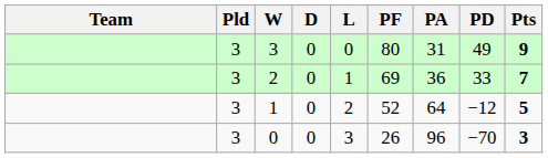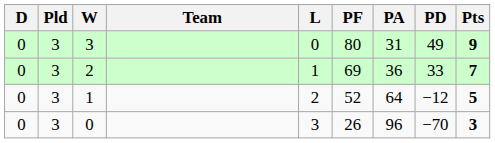 <table class="wikitable" style="text-align:center;">
 <tr>
-<th width=175>Team</th>
+<th width=25 abbr="Drawn">D</th>
 <th width=25 abbr="Played">Pld</th>
 <th width=25 abbr="Won">W</th>
-<th width=25 abbr="Drawn">D</th>
+<th width=175>Team</th>
 <th width=25 abbr="Lost">L</th>
 <th width=32 abbr="Points for">PF</th>
 <th width=32 abbr="Points against">PA</th>
 <th width=32 abbr="Points difference">PD</th>
 <th width=25 abbr="Points">Pts</th>
 </tr>
 <tr style="background:#cfc;">
-<td align=left></td>
+<td>0</td>
 <td>3</td>
 <td>3</td>
-<td>0</td>
+<td align=left></td>
 <td>0</td>
 <td>80</td>
 <td>31</td>
 <td>49</td>
 <td><strong>9</strong></td>
 </tr>
 <tr style="background:#cfc;">
-<td align=left></td>
+<td>0</td>
 <td>3</td>
 <td>2</td>
-<td>0</td>
+<td align=left></td>
 <td>1</td>
 <td>69</td>
 <td>36</td>
 <td>33</td>
 <td><strong>7</strong></td>
 </tr>
 <tr>
-<td align=left></td>
+<td>0</td>
 <td>3</td>
 <td>1</td>
-<td>0</td>
+<td align=left></td>
 <td>2</td>
 <td>52</td>
 <td>64</td>
 <td>−12</td>
 <td><strong>5</strong></td>
 </tr>
 <tr>
-<td align=left></td>
+<td>0</td>
 <td>3</td>
 <td>0</td>
-<td>0</td>
+<td align=left></td>
 <td>3</td>
 <td>26</td>
 <td>96</td>
 <td>−70</td>
 <td><strong>3</strong></td>
 </tr>
 </table>
